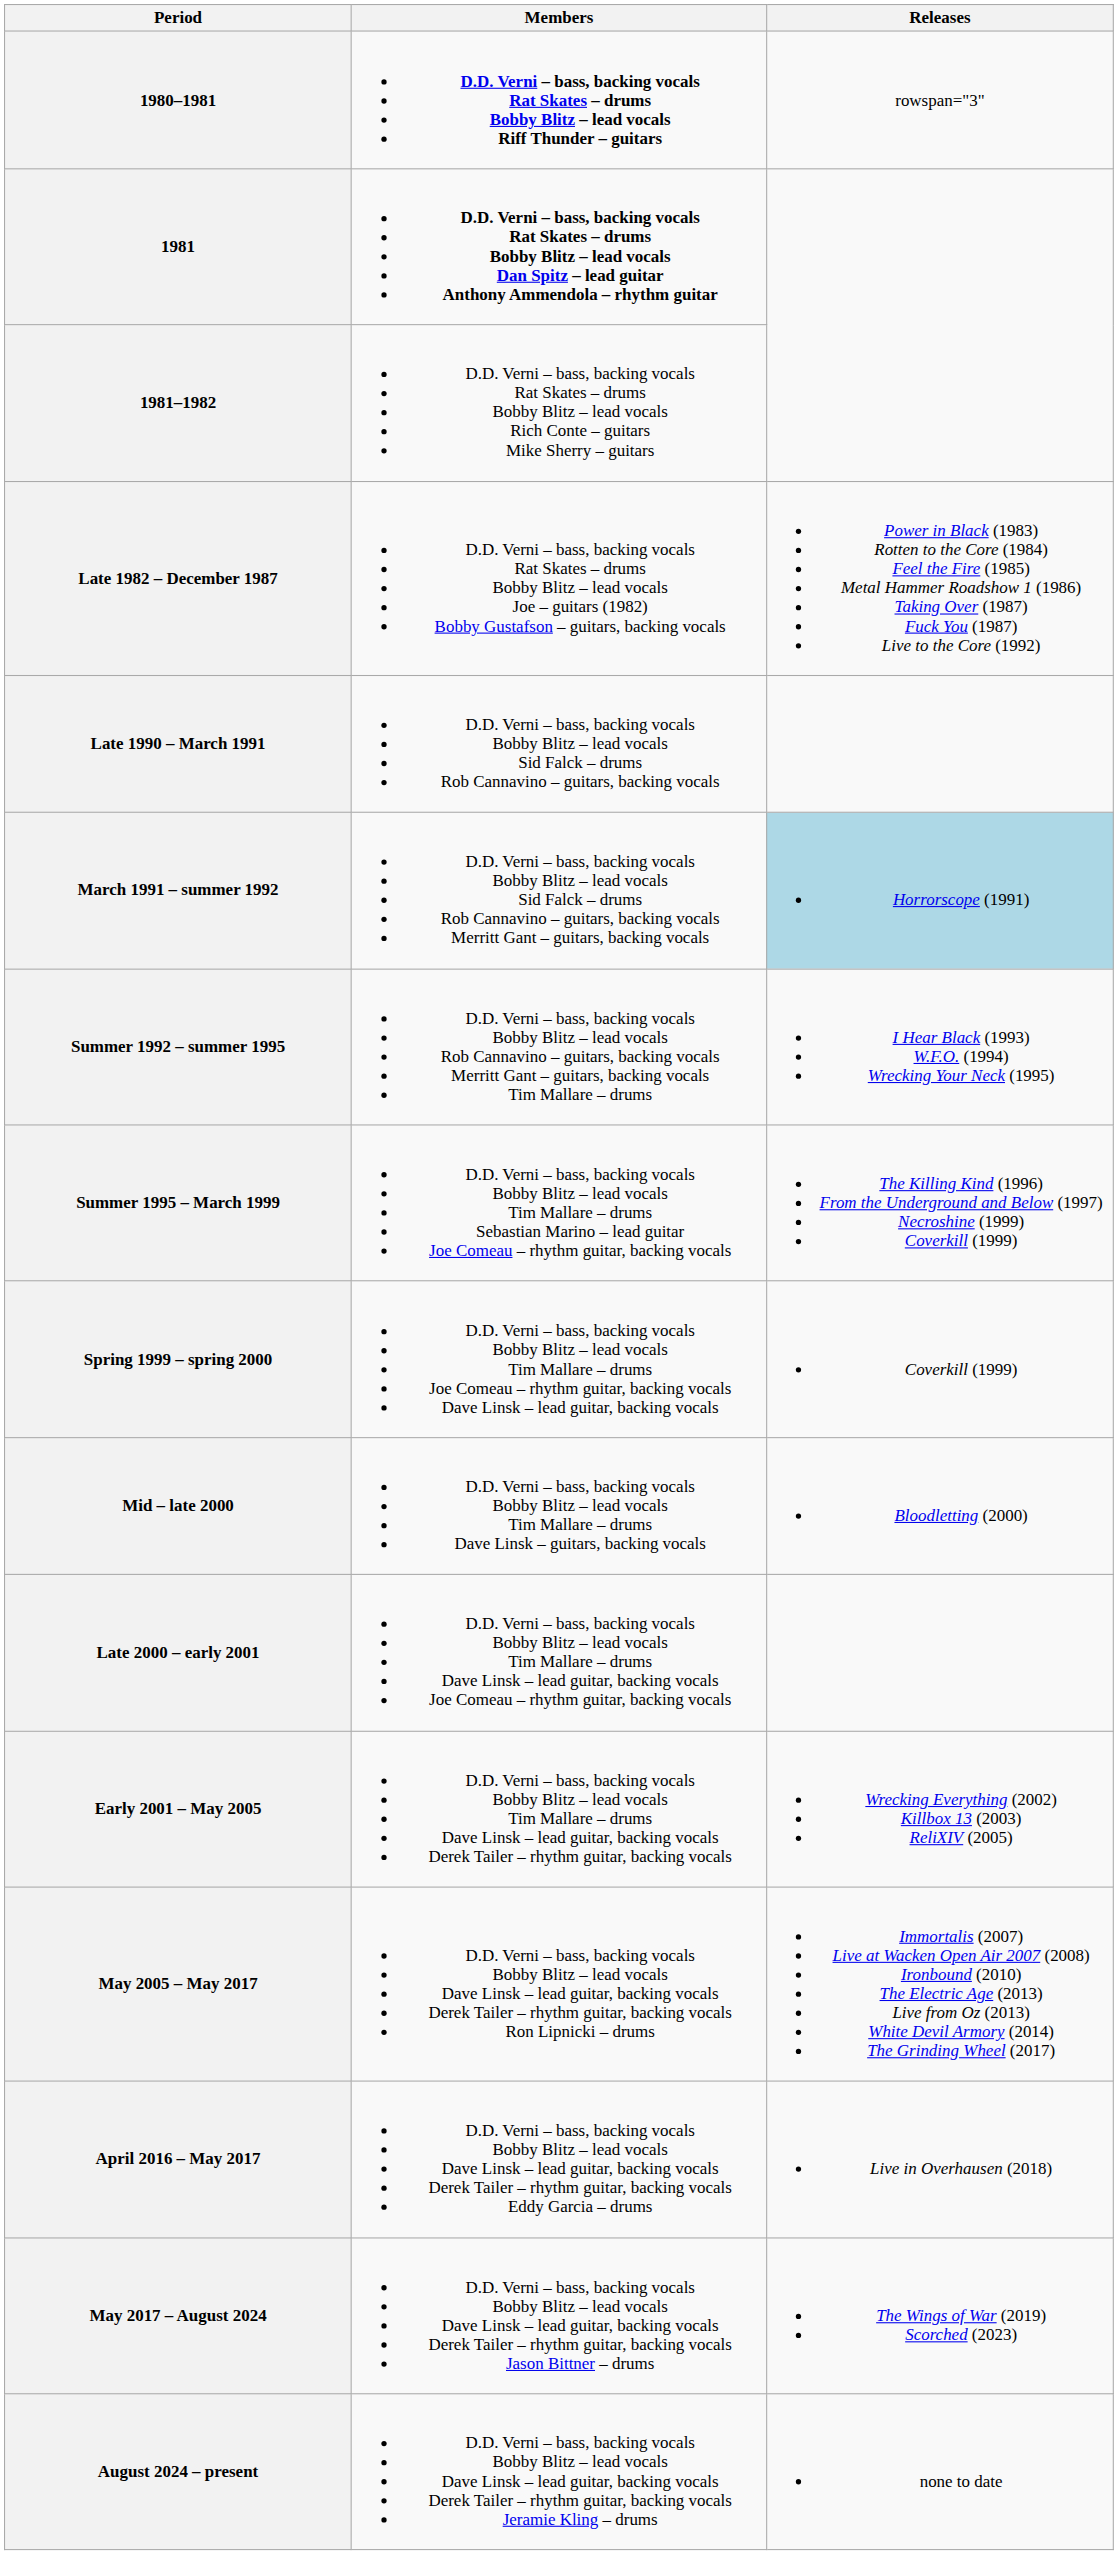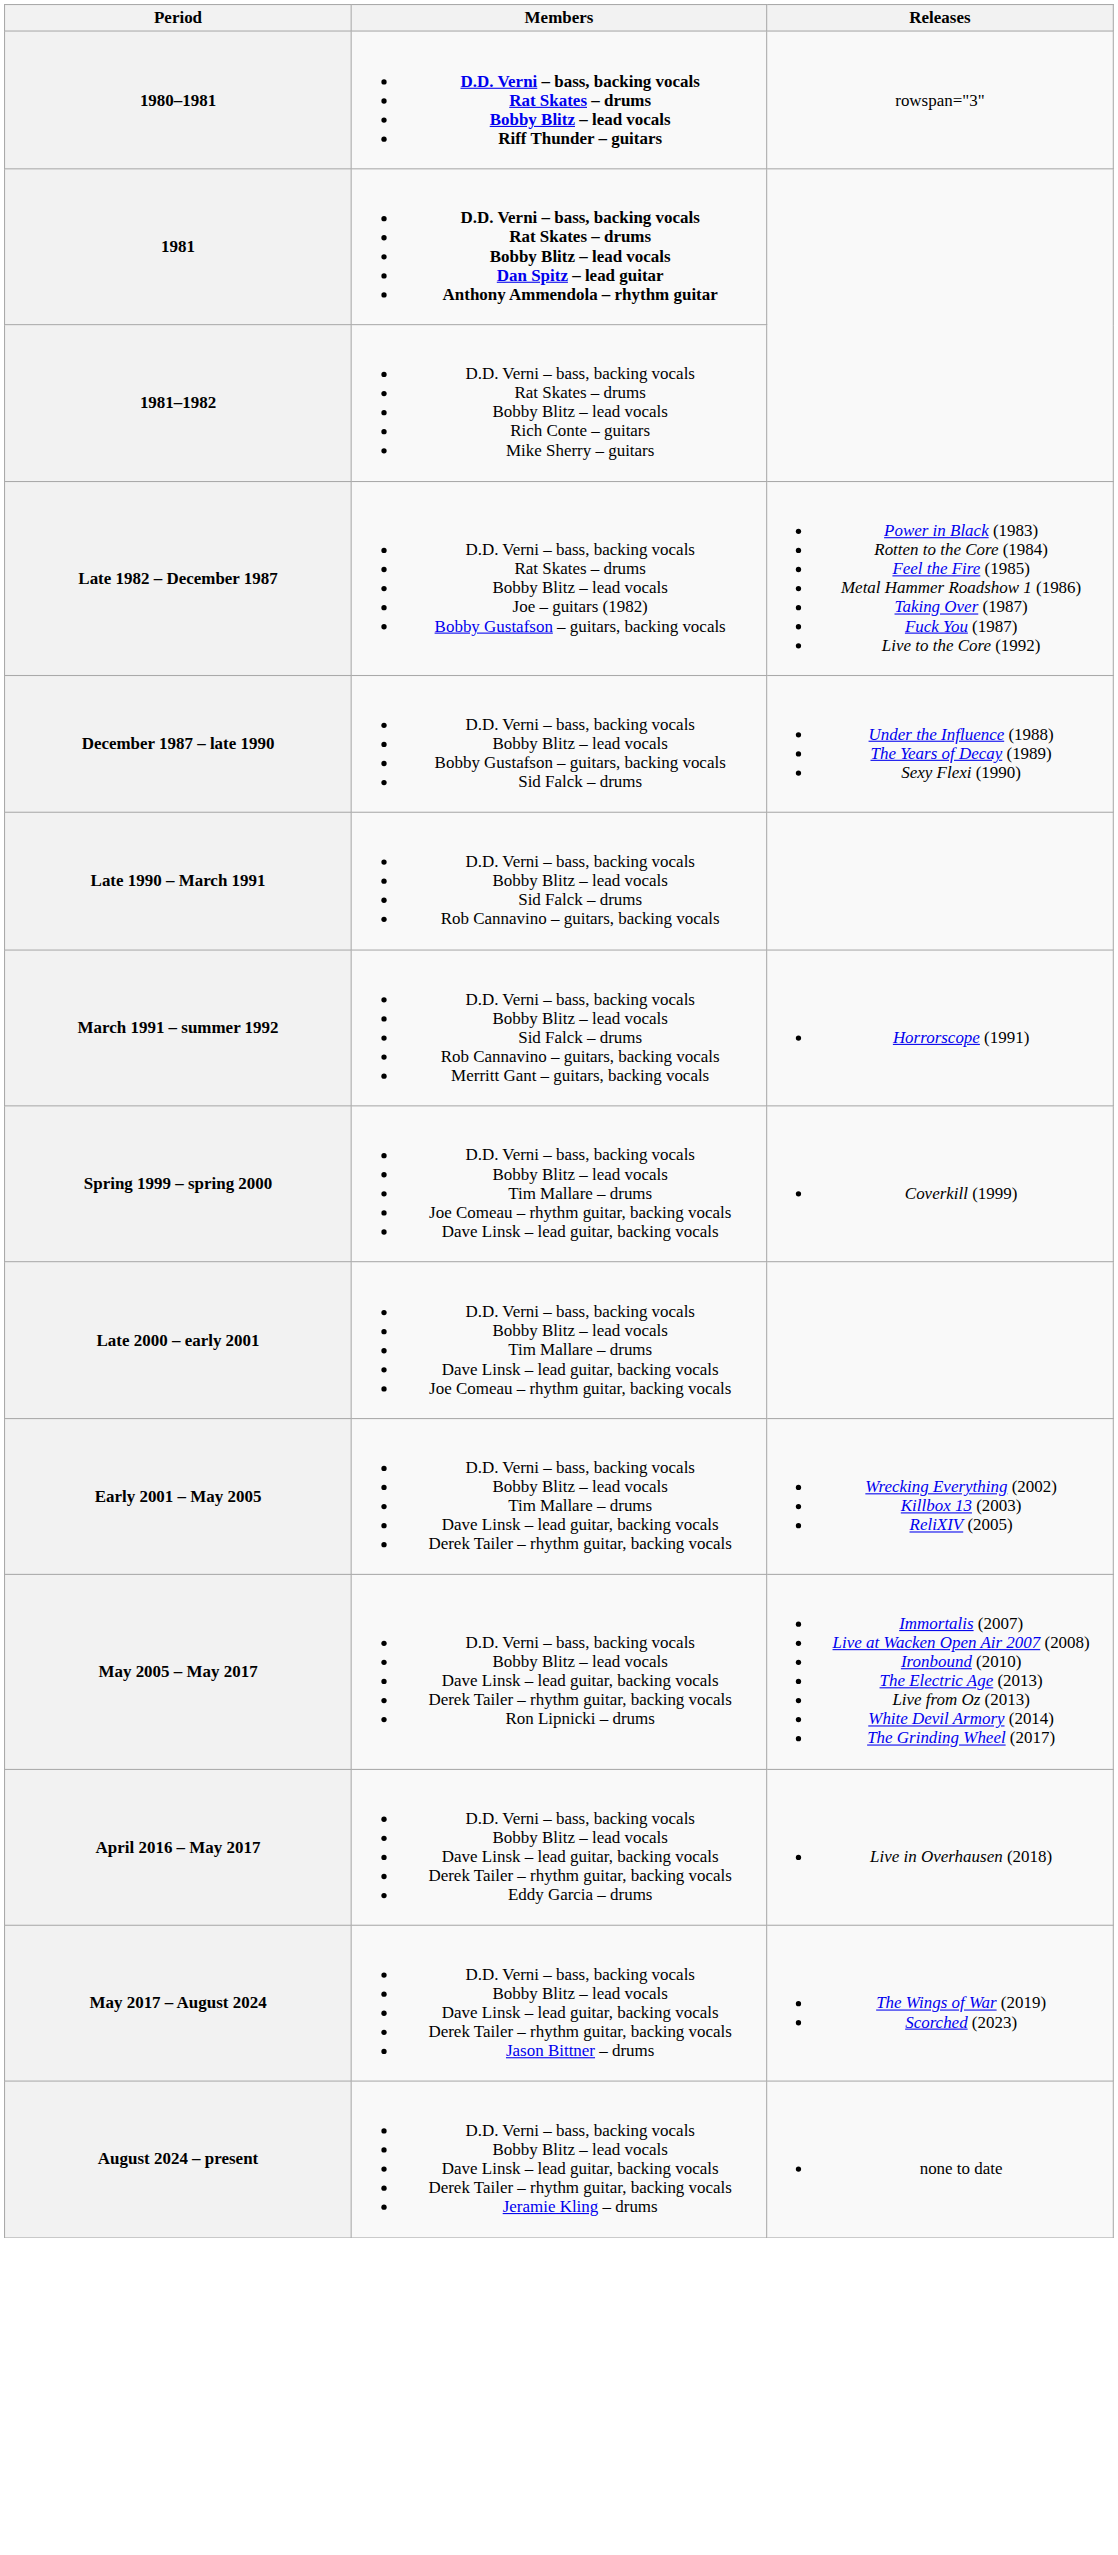 <table class="wikitable plainrowheaders" style="text-align:center;">
 <tr>
 <th scope="col" style="width:20em;">Period</th>
 <th scope="col" style="width:24em;">Members</th>
 <th scope="col" style="width:20em;">Releases</th>
 </tr>
 <tr>
 <th scope="col">1980–1981</th>
 <td><br><ul><li><strong><a href='#'>D.D. Verni</a> – bass, backing vocals</strong></li><li><strong><a href='#'>Rat Skates</a> – drums</strong></li><li><strong><a href='#'>Bobby Blitz</a> – lead vocals</strong></li><li><strong>Riff Thunder – guitars</strong></li></ul></td>
 <td>rowspan="3" </td>
 </tr>
 <tr>
 <th scope="col">1981</th>
 <td><br><ul><li><strong>D.D. Verni – bass, backing vocals</strong></li><li><strong>Rat Skates – drums</strong></li><li><strong>Bobby Blitz – lead vocals</strong></li><li><strong><a href='#'>Dan Spitz</a> – lead guitar</strong></li><li><strong>Anthony Ammendola – rhythm guitar</strong></li></ul></td>
 </tr>
 <tr>
 <th scope="col">1981–1982</th>
 <td><br><ul><li>D.D. Verni – bass, backing vocals</li><li>Rat Skates – drums</li><li>Bobby Blitz – lead vocals</li><li>Rich Conte – guitars</li><li>Mike Sherry – guitars</li></ul></td>
 </tr>
 <tr>
 <th scope="col">Late 1982 – December 1987</th>
 <td><br><ul><li>D.D. Verni – bass, backing vocals</li><li>Rat Skates – drums</li><li>Bobby Blitz – lead vocals</li><li>Joe – guitars (1982)</li><li><a href='#'>Bobby Gustafson</a> – guitars, backing vocals</li></ul></td>
 <td><br><ul><li><em><a href='#'>Power in Black</a></em> (1983)</li><li><em>Rotten to the Core</em> (1984)</li><li><em><a href='#'>Feel the Fire</a></em> (1985)</li><li><em>Metal Hammer Roadshow 1</em> (1986)</li><li><em><a href='#'>Taking Over</a></em> (1987)</li><li><em><a href='#'>Fuck You</a></em> (1987)</li><li><em>Live to the Core</em> (1992)</li></ul></td>
 </tr>
 <tr>
+<th scope="col">December 1987 – late 1990</th>
+<td><br><ul><li>D.D. Verni – bass, backing vocals</li><li>Bobby Blitz – lead vocals</li><li>Bobby Gustafson – guitars, backing vocals</li><li>Sid Falck – drums</li></ul></td>
+<td><br><ul><li><em><a href='#'>Under the Influence</a></em> (1988)</li><li><em><a href='#'>The Years of Decay</a></em> (1989)</li><li><em>Sexy Flexi</em> (1990)</li></ul></td>
+</tr>
+<tr>
 <th scope="col">Late 1990 – March 1991</th>
 <td><br><ul><li>D.D. Verni – bass, backing vocals</li><li>Bobby Blitz – lead vocals</li><li>Sid Falck – drums</li><li>Rob Cannavino – guitars, backing vocals</li></ul></td>
 <td></td>
 </tr>
 <tr>
 <th scope="col">March 1991 – summer 1992</th>
 <td><br><ul><li>D.D. Verni – bass, backing vocals</li><li>Bobby Blitz – lead vocals</li><li>Sid Falck – drums</li><li>Rob Cannavino – guitars, backing vocals</li><li>Merritt Gant – guitars, backing vocals</li></ul></td>
-<td style="background: lightblue;"><br><ul><li><em><a href='#'>Horrorscope</a></em> (1991)</li></ul></td>
-</tr>
-<tr>
-<th scope="col">Summer 1992 – summer 1995</th>
-<td><br><ul><li>D.D. Verni – bass, backing vocals</li><li>Bobby Blitz – lead vocals</li><li>Rob Cannavino – guitars, backing vocals</li><li>Merritt Gant – guitars, backing vocals</li><li>Tim Mallare – drums</li></ul></td>
-<td><br><ul><li><em><a href='#'>I Hear Black</a></em> (1993)</li><li><em><a href='#'>W.F.O.</a></em> (1994)</li><li><em><a href='#'>Wrecking Your Neck</a></em> (1995)</li></ul></td>
-</tr>
-<tr>
-<th scope="col">Summer 1995 – March 1999</th>
-<td><br><ul><li>D.D. Verni – bass, backing vocals</li><li>Bobby Blitz – lead vocals</li><li>Tim Mallare – drums</li><li>Sebastian Marino – lead guitar</li><li><a href='#'>Joe Comeau</a> – rhythm guitar, backing vocals</li></ul></td>
-<td><br><ul><li><em><a href='#'>The Killing Kind</a></em> (1996)</li><li><em><a href='#'>From the Underground and Below</a></em> (1997)</li><li><em><a href='#'>Necroshine</a></em> (1999)</li><li><em><a href='#'>Coverkill</a></em> (1999) </li></ul></td>
+<td><br><ul><li><em><a href='#'>Horrorscope</a></em> (1991)</li></ul></td>
 </tr>
 <tr>
 <th scope="col">Spring 1999 – spring 2000</th>
 <td><br><ul><li>D.D. Verni – bass, backing vocals</li><li>Bobby Blitz – lead vocals</li><li>Tim Mallare – drums</li><li>Joe Comeau – rhythm guitar, backing vocals</li><li>Dave Linsk – lead guitar, backing vocals</li></ul></td>
 <td><br><ul><li><em>Coverkill</em> (1999) </li></ul></td>
-</tr>
-<tr>
-<th scope="col">Mid – late 2000</th>
-<td><br><ul><li>D.D. Verni – bass, backing vocals</li><li>Bobby Blitz – lead vocals</li><li>Tim Mallare – drums</li><li>Dave Linsk – guitars, backing vocals</li></ul></td>
-<td><br><ul><li><em><a href='#'>Bloodletting</a></em> (2000)</li></ul></td>
 </tr>
 <tr>
 <th scope="col">Late 2000 – early 2001</th>
 <td><br><ul><li>D.D. Verni – bass, backing vocals</li><li>Bobby Blitz – lead vocals</li><li>Tim Mallare – drums</li><li>Dave Linsk – lead guitar, backing vocals</li><li>Joe Comeau – rhythm guitar, backing vocals</li></ul></td>
 <td></td>
 </tr>
 <tr>
 <th scope="col">Early 2001 – May 2005</th>
 <td><br><ul><li>D.D. Verni – bass, backing vocals</li><li>Bobby Blitz – lead vocals</li><li>Tim Mallare – drums</li><li>Dave Linsk – lead guitar, backing vocals</li><li>Derek Tailer – rhythm guitar, backing vocals</li></ul></td>
 <td><br><ul><li><em><a href='#'>Wrecking Everything</a></em> (2002)</li><li><em><a href='#'>Killbox 13</a></em> (2003)</li><li><em><a href='#'>ReliXIV</a></em> (2005)</li></ul></td>
 </tr>
 <tr>
 <th scope="col">May 2005 – May 2017</th>
 <td><br><ul><li>D.D. Verni – bass, backing vocals</li><li>Bobby Blitz – lead vocals</li><li>Dave Linsk – lead guitar, backing vocals</li><li>Derek Tailer – rhythm guitar, backing vocals</li><li>Ron Lipnicki – drums</li></ul></td>
 <td><br><ul><li><em><a href='#'>Immortalis</a></em> (2007)</li><li><em><a href='#'>Live at Wacken Open Air 2007</a></em> (2008)</li><li><em><a href='#'>Ironbound</a></em> (2010)</li><li><em><a href='#'>The Electric Age</a></em> (2013)</li><li><em>Live from Oz</em> (2013)</li><li><em><a href='#'>White Devil Armory</a></em> (2014)</li><li><em><a href='#'>The Grinding Wheel</a></em> (2017)</li></ul></td>
 </tr>
 <tr>
 <th scope="col">April 2016 – May 2017<br></th>
 <td><br><ul><li>D.D. Verni – bass, backing vocals</li><li>Bobby Blitz – lead vocals</li><li>Dave Linsk – lead guitar, backing vocals</li><li>Derek Tailer – rhythm guitar, backing vocals</li><li>Eddy Garcia – drums </li></ul></td>
 <td><br><ul><li><em>Live in Overhausen</em> (2018)</li></ul></td>
 </tr>
 <tr>
 <th scope="col">May 2017 – August 2024</th>
 <td><br><ul><li>D.D. Verni – bass, backing vocals</li><li>Bobby Blitz – lead vocals</li><li>Dave Linsk – lead guitar, backing vocals</li><li>Derek Tailer – rhythm guitar, backing vocals</li><li><a href='#'>Jason Bittner</a> – drums</li></ul></td>
 <td><br><ul><li><em><a href='#'>The Wings of War</a></em> (2019)</li><li><em><a href='#'>Scorched</a></em> (2023)</li></ul></td>
 </tr>
 <tr>
 <th scope="col">August 2024 – present<br></th>
 <td><br><ul><li>D.D. Verni – bass, backing vocals</li><li>Bobby Blitz – lead vocals</li><li>Dave Linsk – lead guitar, backing vocals</li><li>Derek Tailer – rhythm guitar, backing vocals</li><li><a href='#'>Jeramie Kling</a> – drums</li></ul></td>
 <td><br><ul><li>none to date</li></ul></td>
 </tr>
 </table>
